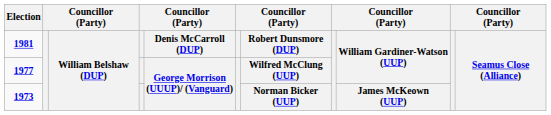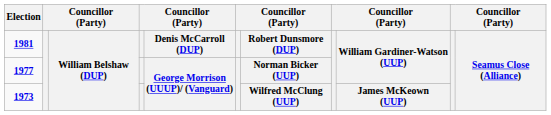 <table class="wikitable" style="text-align:center">
 <tr>
 <th scope="col" width="50">Election</th>
 <th scope="col" width="150" colspan = "2">Councillor<br> (Party)</th>
 <th scope="col" width="150" colspan = "2">Councillor<br> (Party)</th>
 <th scope="col" width="150" colspan = "2">Councillor<br> (Party)</th>
 <th scope="col" width="150" colspan = "2">Councillor<br> (Party)</th>
 <th scope="col" width="150" colspan = "2">Councillor<br> (Party)</th>
 </tr>
 <tr>
 <td><strong><a href='#'>1981</a></strong></td>
 <th rowspan="3" width="1" style="background-color: "></th>
 <th rowspan = "3">William Belshaw <br> (<a href='#'>DUP</a>)</th>
 <th rowspan="1" width="1" style="background-color: "></th>
 <th rowspan = "1">Denis McCarroll <br> (<a href='#'>DUP</a>)</th>
 <th rowspan="1" width="1" style="background-color: "></th>
 <th rowspan = "1">Robert Dunsmore <br> (<a href='#'>DUP</a>)</th>
 <th rowspan="3" width="1" style="background-color: "></th>
 <th rowspan = "2">William Gardiner-Watson <br> (<a href='#'>UUP</a>)</th>
 <th rowspan="3" width="1" style="background-color: "></th>
 <th rowspan = "3"><a href='#'>Seamus Close</a> <br> (<a href='#'>Alliance</a>)</th>
 </tr>
 <tr>
 <td><strong><a href='#'>1977</a></strong></td>
 <th rowspan="1" width="1" style="background-color: "></th>
 <th rowspan = "2"><a href='#'>George Morrison</a> <br> (<a href='#'>UUUP</a>)/ (<a href='#'>Vanguard</a>)</th>
 <th rowspan="2" width="1" style="background-color: "></th>
-<th rowspan = "1">Wilfred McClung <br> (<a href='#'>UUP</a>)</th>
+<th rowspan = "1">Norman Bicker <br> (<a href='#'>UUP</a>)</th>
 </tr>
 <tr>
 <td><strong><a href='#'>1973</a></strong></td>
 <th rowspan="1" width="1" style="background-color: "></th>
-<th rowspan = "1">Norman Bicker <br> (<a href='#'>UUP</a>)</th>
+<th rowspan = "1">Wilfred McClung <br> (<a href='#'>UUP</a>)</th>
 <th rowspan = "1">James McKeown <br> (<a href='#'>UUP</a>)</th>
 </tr>
 </table>
